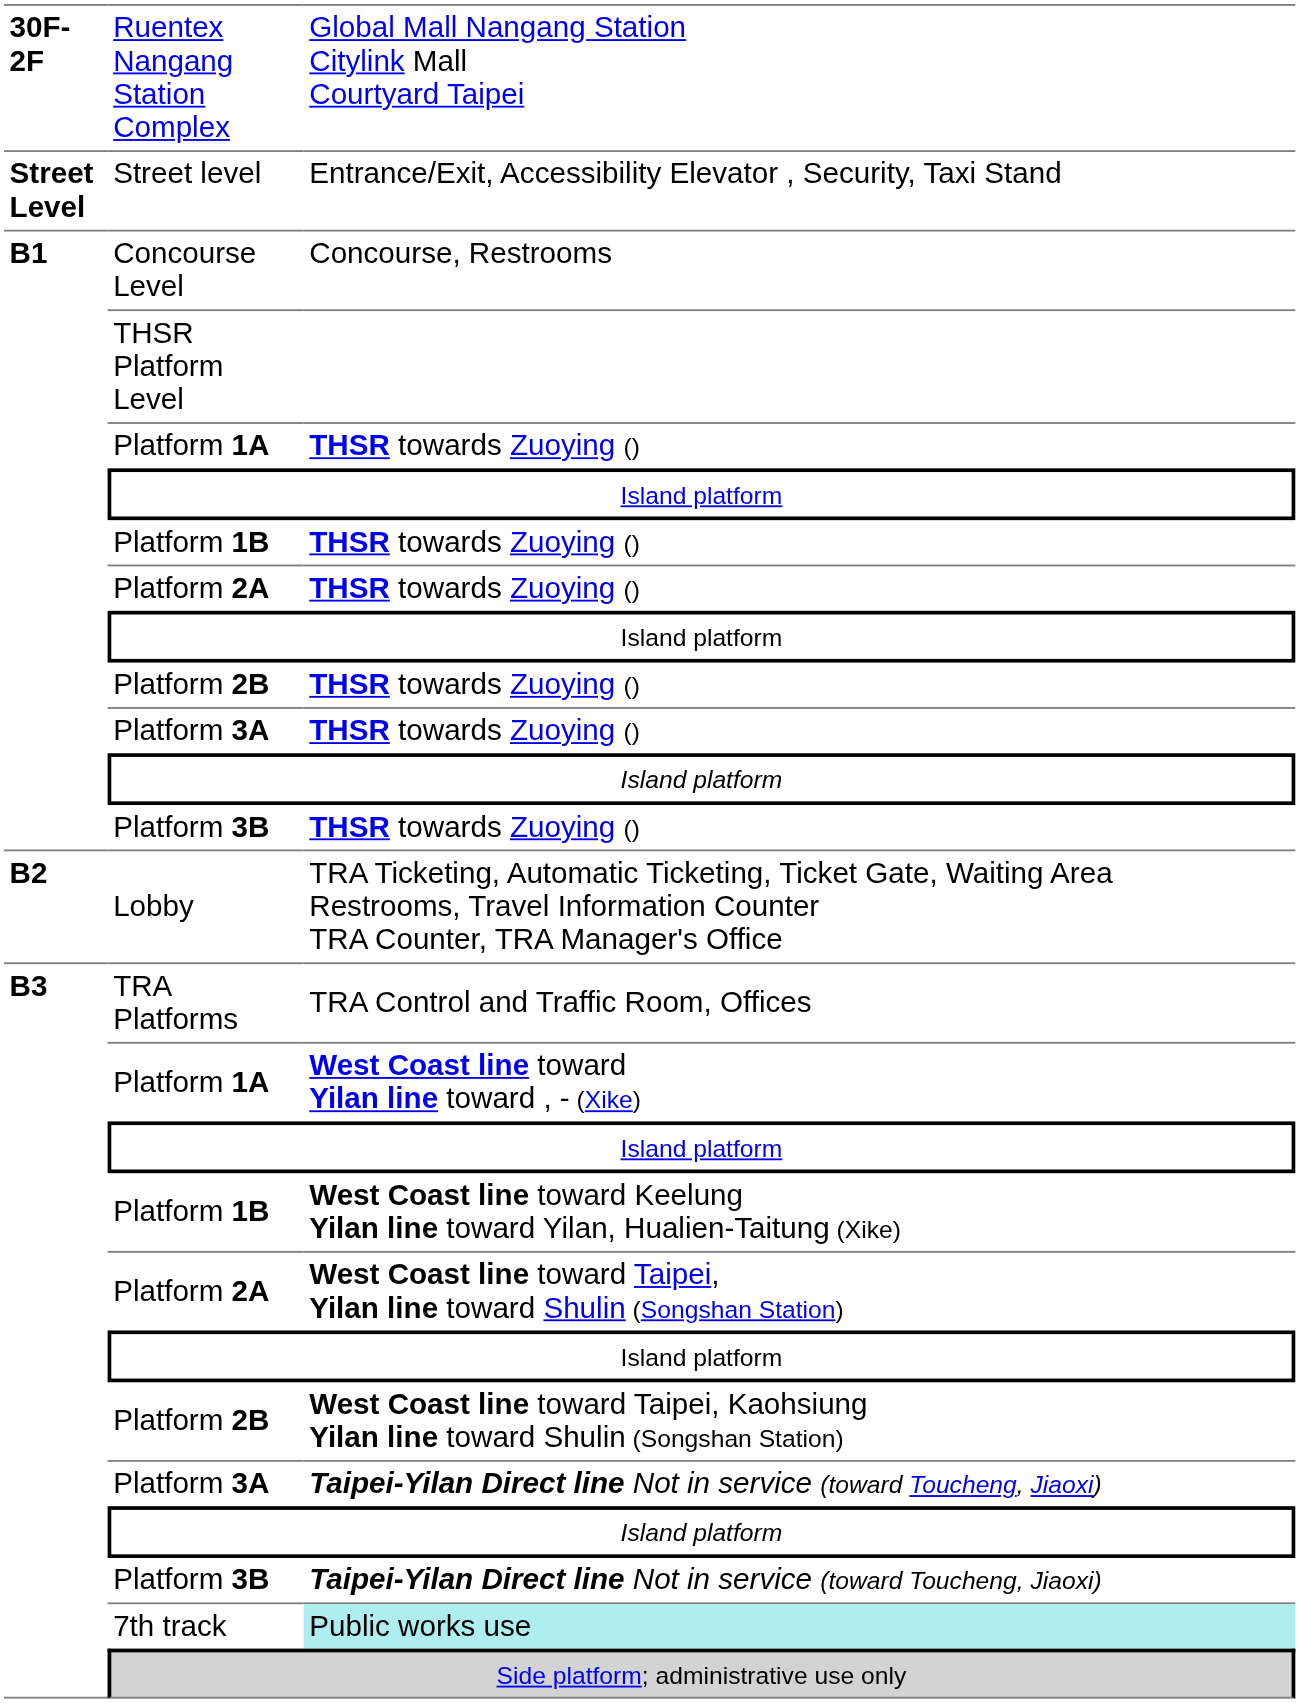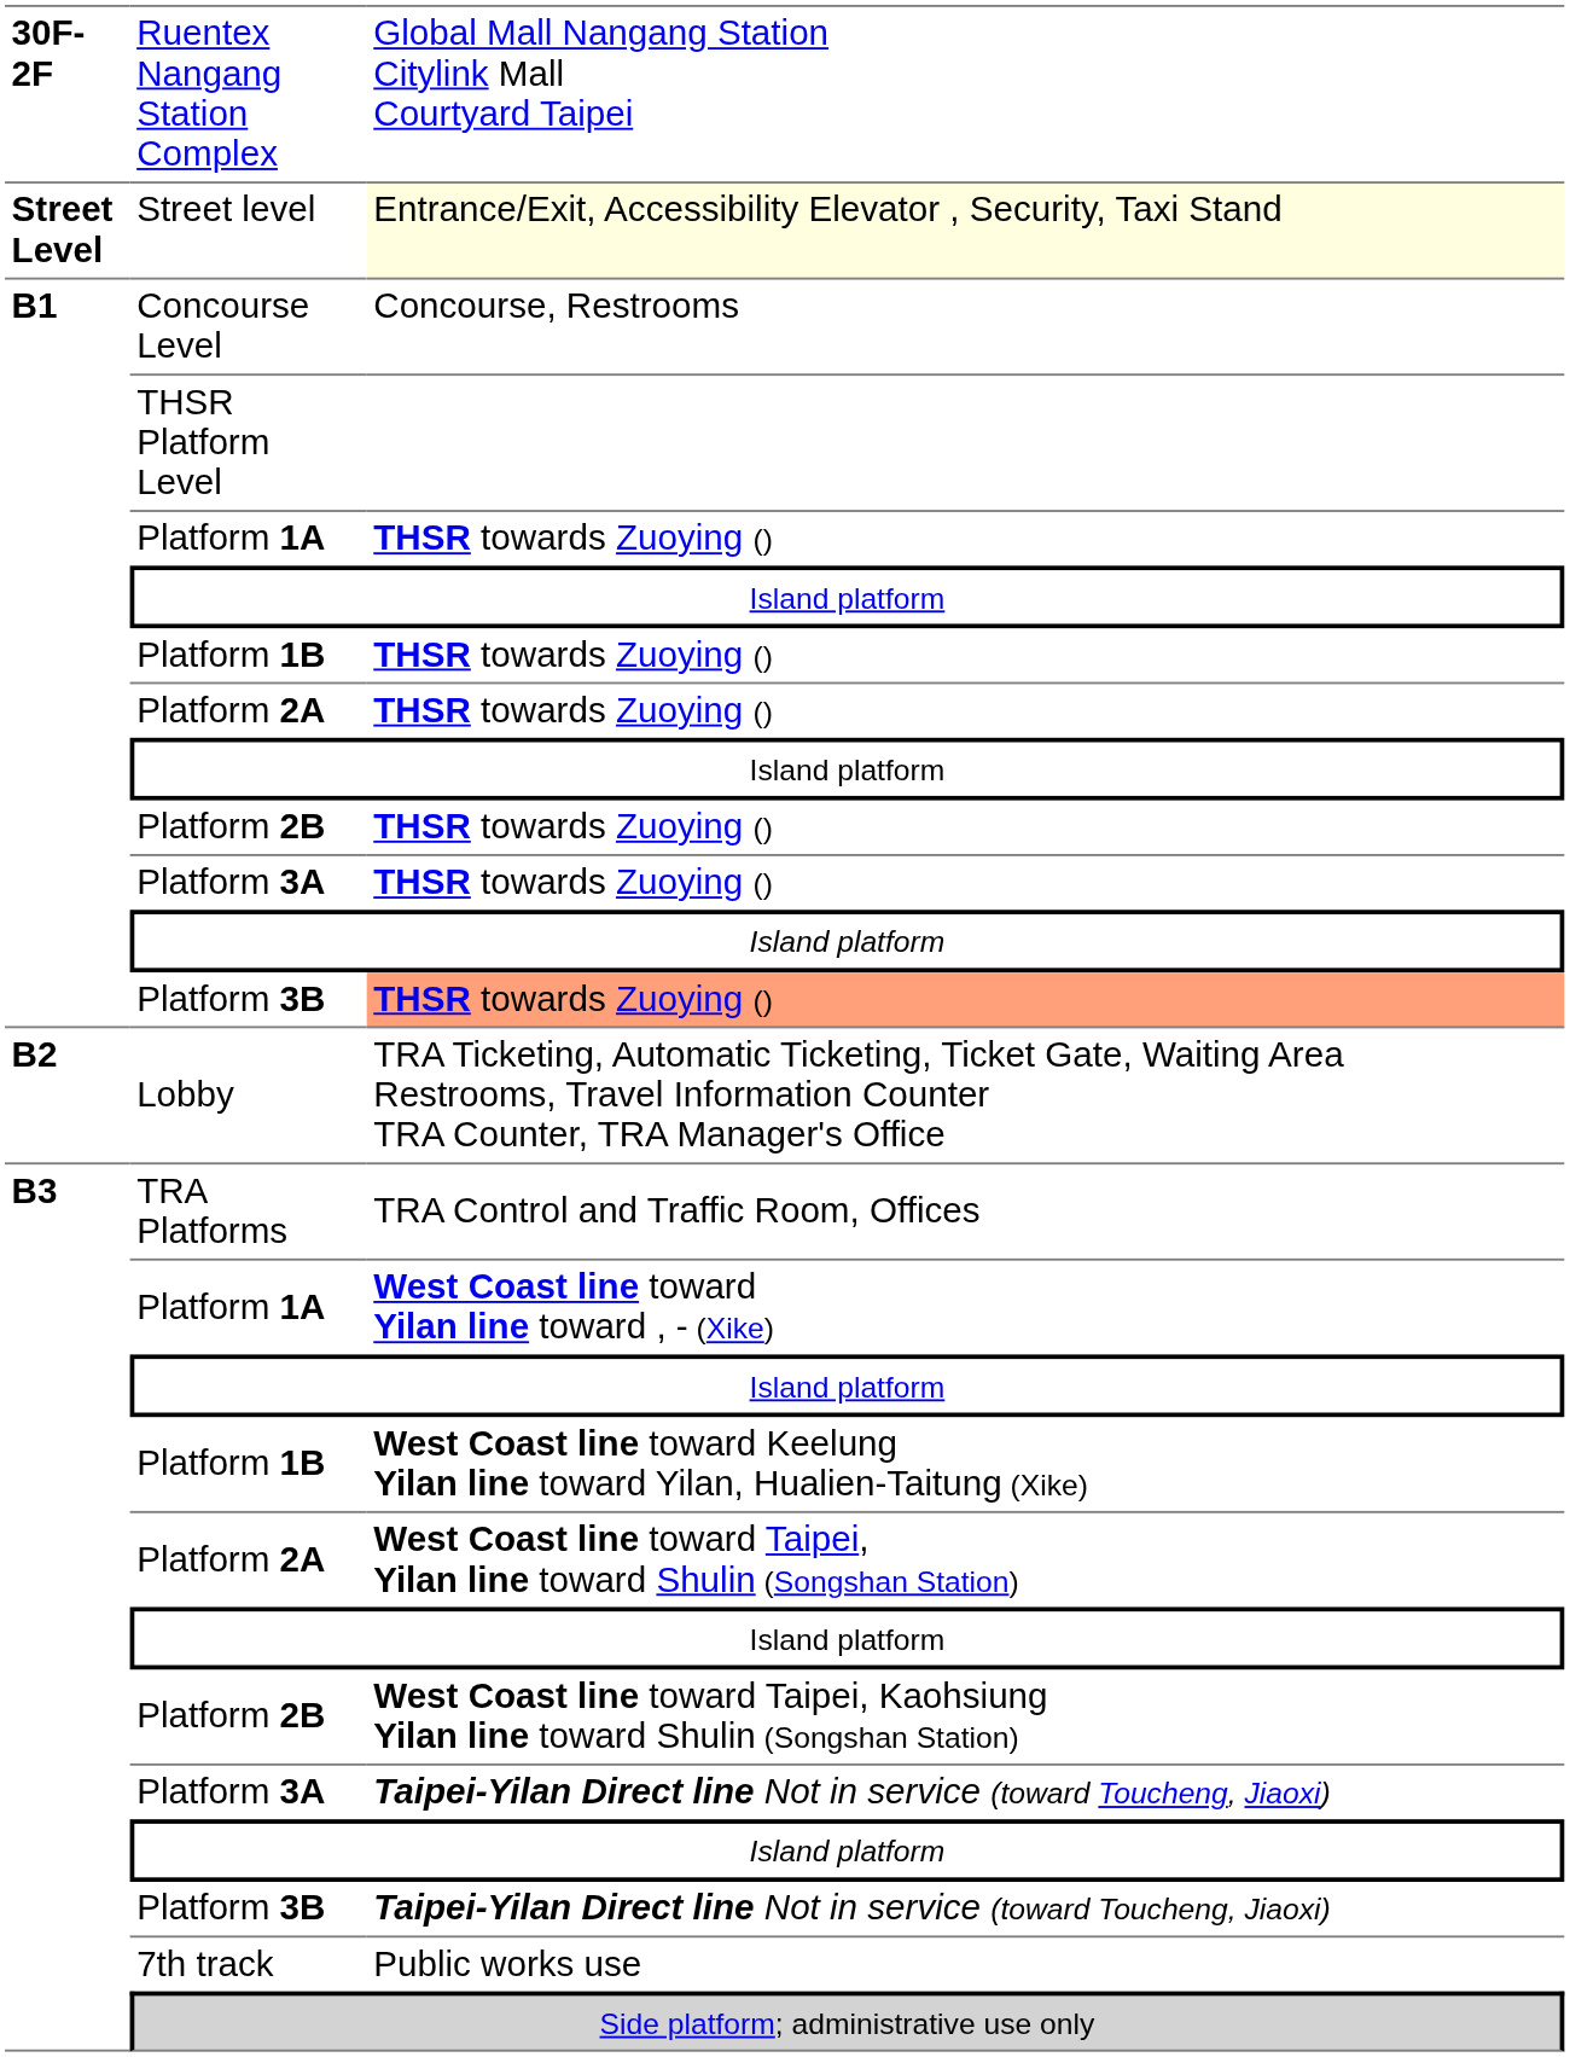 <table cellspacing=0 cellpadding=3>
 <tr>
 <td style="border-top:solid 1px gray;border-bottom:solid 1px gray;" width=50 valign=top><strong>30F-2F</strong></td>
 <td style="border-top:solid 1px gray;border-bottom:solid 1px gray;" width=100 valign=top><a href='#'>Ruentex Nangang Station Complex</a></td>
 <td style="border-top:solid 1px gray;border-bottom:solid 1px gray;" width=500 valign=top><a href='#'>Global Mall Nangang Station</a><br><a href='#'>Citylink</a> Mall<br><a href='#'>Courtyard Taipei</a></td>
 </tr>
 <tr>
 <td style="border-bottom:solid 1px gray;" valign=top><strong>Street Level</strong></td>
 <td style="border-bottom:solid 1px gray;" valign=top>Street level</td>
-<td style="border-bottom:solid 1px gray;" valign=top>Entrance/Exit, Accessibility Elevator , Security, Taxi Stand</td>
+<td style="background: lightyellow; border-bottom:solid 1px gray;" valign=top>Entrance/Exit, Accessibility Elevator , Security, Taxi Stand</td>
 </tr>
 <tr>
 <td style="border-bottom:solid 1px gray;" valign=top rowspan=11><strong>B1</strong></td>
 <td style="border-bottom:solid 1px gray;" valign=top>Concourse Level</td>
 <td style="border-bottom:solid 1px gray;" valign=top>Concourse, Restrooms</td>
 </tr>
 <tr>
 <td style="border-bottom:solid 1px gray;" valign=top>THSR Platform Level</td>
 <td style="border-bottom:solid 1px gray;"></td>
 </tr>
 <tr>
 <td>Platform <span><strong>1A</strong></span></td>
 <td width=530><strong><a href='#'><span>THSR</span></a></strong> towards <a href='#'>Zuoying</a> <small>()</small></td>
 </tr>
 <tr>
 <td style="border-top:solid 2px black;border-right:solid 2px black;border-left:solid 2px black;border-bottom:solid 2px black;text-align:center;" colspan=2><small><a href='#'>Island platform</a></small></td>
 </tr>
 <tr>
 <td style="border-bottom:solid 1px gray;">Platform <span><strong>1B</strong></span></td>
 <td style="border-bottom:solid 1px gray;" width=530><strong><a href='#'><span>THSR</span></a></strong> towards <a href='#'>Zuoying</a> <small>()</small></td>
 </tr>
 <tr>
 <td>Platform <span><strong>2A</strong></span></td>
 <td width=530><strong><a href='#'><span>THSR</span></a></strong> towards <a href='#'>Zuoying</a> <small>()</small></td>
 </tr>
 <tr>
 <td style="border-top:solid 2px black;border-right:solid 2px black;border-left:solid 2px black;border-bottom:solid 2px black;text-align:center;" colspan=2><small>Island platform</small></td>
 </tr>
 <tr>
 <td style="border-bottom:solid 1px gray;">Platform <span><strong>2B</strong></span></td>
 <td style="border-bottom:solid 1px gray;" width=530><strong><a href='#'><span>THSR</span></a></strong> towards <a href='#'>Zuoying</a> <small>()</small></td>
 </tr>
 <tr>
 <td>Platform <span><strong>3A</strong></span></td>
 <td width=530><strong><a href='#'><span>THSR</span></a></strong> towards <a href='#'>Zuoying</a> <small>()</small></td>
 </tr>
 <tr>
 <td style="border-top:solid 2px black;border-right:solid 2px black;border-left:solid 2px black;border-bottom:solid 2px black;text-align:center;" colspan=2><small><em>Island platform</em></small></td>
 </tr>
 <tr>
 <td style="border-bottom:solid 1px gray;">Platform <span><strong>3B</strong></span></td>
-<td style="border-bottom:solid 1px gray;" width=530><strong><a href='#'><span>THSR</span></a></strong> towards <a href='#'>Zuoying</a> <small>()</small></td>
+<td style="background: lightsalmon; border-bottom:solid 1px gray;" width=530><strong><a href='#'><span>THSR</span></a></strong> towards <a href='#'>Zuoying</a> <small>()</small></td>
 </tr>
 <tr>
 <td style="border-bottom:solid 1px gray;" valign=top><strong>B2</strong></td>
 <td style="border-bottom:solid 1px gray;" width=100>Lobby</td>
 <td style="border-bottom:solid 1px gray;" width=390>TRA Ticketing, Automatic Ticketing, Ticket Gate, Waiting Area<br>Restrooms, Travel Information Counter<br>TRA Counter, TRA Manager's Office</td>
 </tr>
 <tr>
 <td style="border-bottom:solid 1px gray;" rowspan=12 valign=top><strong>B3</strong></td>
 <td style="border-bottom:solid 1px gray;">TRA Platforms</td>
 <td style="border-bottom:solid 1px gray;">TRA Control and Traffic Room, Offices</td>
 </tr>
 <tr>
 <td>Platform <span><strong>1A</strong></span></td>
 <td><strong><a href='#'><span>West Coast line</span></a></strong> toward <br> <a href='#'><span><strong>Yilan line</strong></span></a> toward , -<small> (<a href='#'>Xike</a>)</small></td>
 </tr>
 <tr>
 <td style="border-top:solid 2px black;border-right:solid 2px black;border-left:solid 2px black;border-bottom:solid 2px black;text-align:center;" colspan=2><small><a href='#'>Island platform</a></small></td>
 </tr>
 <tr>
 <td style="border-bottom:solid 1px gray;">Platform <span><strong>1B</strong></span></td>
 <td style="border-bottom:solid 1px gray;"><span><strong>West Coast line</strong></span> toward Keelung<br> <span><strong>Yilan line</strong></span> toward Yilan, Hualien-Taitung<small> (Xike)</small></td>
 </tr>
 <tr>
 <td>Platform <span><strong>2A</strong></span></td>
 <td><span><strong>West Coast line</strong></span> toward <a href='#'>Taipei</a>, <br> <span><strong>Yilan line</strong></span> toward <a href='#'>Shulin</a><small> (<a href='#'>Songshan Station</a>)</small></td>
 </tr>
 <tr>
 <td style="border-top:solid 2px black;border-right:solid 2px black;border-left:solid 2px black;border-bottom:solid 2px black;text-align:center;" colspan=2><small>Island platform</small></td>
 </tr>
 <tr>
 <td style="border-bottom:solid 1px gray;">Platform <span><strong>2B</strong></span></td>
 <td style="border-bottom:solid 1px gray;"><span><strong>West Coast line</strong></span> toward Taipei, Kaohsiung<br> <span><strong>Yilan line</strong></span> toward Shulin<small> (Songshan Station)</small></td>
 </tr>
 <tr>
 <td>Platform <span><strong>3A</strong></span></td>
 <td><em><span><strong>Taipei-Yilan Direct line</strong></span> Not in service <small>(toward <a href='#'>Toucheng</a>, <a href='#'>Jiaoxi</a>)</small></em></td>
 </tr>
 <tr>
 <td style="border-top:solid 2px black;border-right:solid 2px black;border-left:solid 2px black;border-bottom:solid 2px black;text-align:center;" colspan=2><small><em>Island platform</em></small></td>
 </tr>
 <tr>
 <td style="border-bottom:solid 1px gray;">Platform <span><strong>3B</strong></span></td>
 <td style="border-bottom:solid 1px gray;"><em><span><strong>Taipei-Yilan Direct line</strong></span> Not in service <small>(toward Toucheng, Jiaoxi)</small></em></td>
 </tr>
 <tr>
 <td>7th track</td>
-<td style="background: paleturquoise;">Public works use</td>
+<td>Public works use</td>
 </tr>
 <tr>
 <td style="background:lightgray;border-top:solid 2px black;border-right:solid 2px black;border-left:solid 2px black;border-bottom:solid 1px gray;text-align:center;" colspan=2><small> <a href='#'>Side platform</a>; administrative use only</small></td>
 </tr>
 </table>
